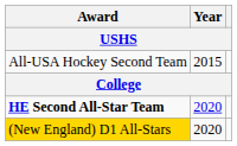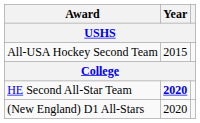 <table class="wikitable">
 <tr>
 <th>Award</th>
 <th>Year</th>
 <th></th>
 </tr>
 <tr ALIGN="center" bgcolor="#e0e0e0">
 <th colspan="3"><a href='#'>USHS</a></th>
 </tr>
 <tr>
 <td>All-USA Hockey Second Team</td>
 <td>2015</td>
 <td></td>
 </tr>
 <tr ALIGN="center" bgcolor="#e0e0e0">
 <th colspan="3"><a href='#'>College</a></th>
 </tr>
 <tr>
-<td><strong><a href='#'>HE</a> Second All-Star Team</strong></td>
-<td><a href='#'>2020</a></td>
+<td><a href='#'>HE</a> Second All-Star Team</td>
+<td><strong><a href='#'>2020</a></strong></td>
 <td></td>
 </tr>
 <tr>
-<td style="background: gold;">(New England) D1 All-Stars</td>
+<td>(New England) D1 All-Stars</td>
 <td>2020</td>
 <td></td>
 </tr>
 </table>
